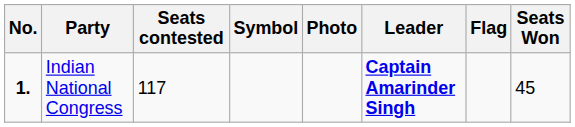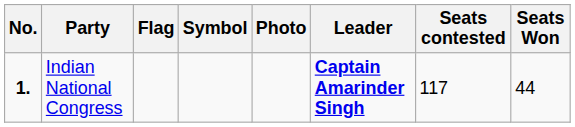 <table class="wikitable sortable" width="40%">
 <tr>
 <th>No.</th>
 <th>Party</th>
-<th>Seats contested</th>
+<th>Flag</th>
 <th>Symbol</th>
 <th>Photo</th>
 <th>Leader</th>
-<th>Flag</th>
+<th>Seats contested</th>
 <th>Seats Won</th>
 </tr>
 <tr>
 <td style="text-align:center; background:"><strong>1.</strong></td>
 <td><a href='#'>Indian National Congress</a></td>
-<td>117</td>
+<td></td>
 <td></td>
 <td></td>
 <td><strong><a href='#'>Captain Amarinder Singh</a></strong></td>
-<td></td>
-<td>45</td>
+<td>117</td>
+<td>44</td>
 </tr>
 </table>
